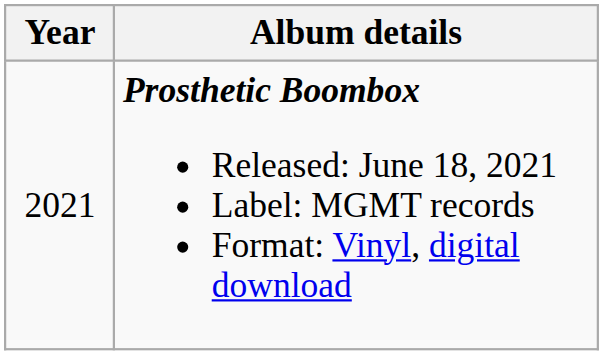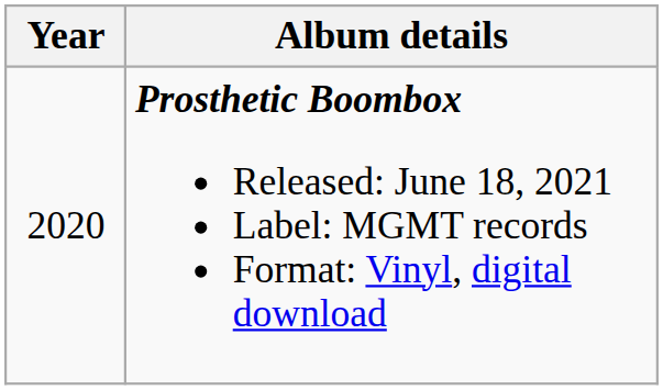 <table class="wikitable" style="text-align:center;">
 <tr>
 <th width="42">Year</th>
 <th width="210">Album details</th>
 </tr>
 <tr>
-<td>2021</td>
+<td>2020</td>
 <td align="left"><strong><em>Prosthetic Boombox</em></strong><br><ul><li>Released: June 18, 2021</li><li>Label: MGMT records</li><li>Format: <a href='#'>Vinyl</a>, <a href='#'>digital download</a></li></ul></td>
 </tr>
 </table>
